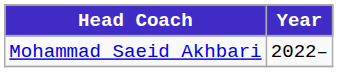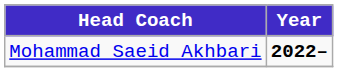 <table class="wikitable sortable">
 <tr style="background:#402bc6; color:#FFFFFF; font-weight: bold;" align="center">
 <td>Head Coach</td>
 <td>Year</td>
 </tr>
 <tr>
 <td align=Right> <a href='#'>Mohammad Saeid Akhbari</a></td>
-<td align=Right>2022–</td>
+<td align=Right><strong>2022–</strong></td>
 </tr>
 <tr>
 </tr>
 </table>
